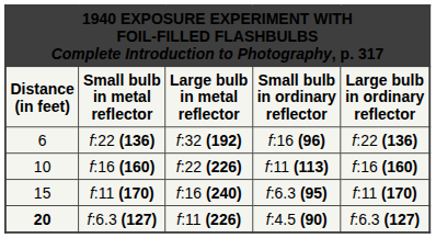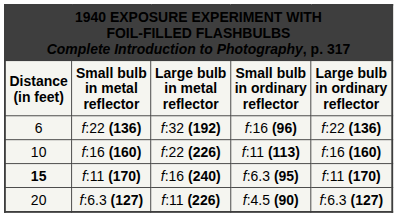 <table border="1" cellpadding="4" cellspacing="0" style="margin: 1em 1em 1em 0; background: #f5f5f0; border: 2px #3E3E3E solid; border-collapse: collapse; font-size: 95%;">
 <tr>
 <th colspan="6" style="background:#3E3E3E; text-align:center"><span>1940 EXPOSURE EXPERIMENT WITH<br>FOIL-FILLED FLASHBULBS<br><em>Complete Introduction to Photography</em>, p. 317</span></th>
 </tr>
 <tr>
 <td style="text-align:center"><strong>Distance<br>(in feet)</strong></td>
 <td style="text-align:center"><strong>Small bulb<br>in metal<br>reflector</strong></td>
 <td style="text-align:center"><strong>Large bulb<br>in metal<br>reflector</strong></td>
 <td style="text-align:center"><strong>Small bulb<br>in ordinary<br>reflector</strong></td>
 <td style="text-align:center"><strong>Large bulb<br>in ordinary<br>reflector</strong></td>
 </tr>
 <tr>
 <td style="text-align:center">6</td>
 <td style="text-align:center"><span><em>f</em></span>:22 <strong>(136)</strong></td>
 <td style="text-align:center"><span><em>f</em></span>:32 <strong>(192)</strong></td>
 <td style="text-align:center"><span><em>f</em></span>:16 <strong>(96)</strong></td>
 <td style="text-align:center"><span><em>f</em></span>:22 <strong>(136)</strong></td>
 </tr>
 <tr>
 <td style="text-align:center">10</td>
 <td style="text-align:center"><span><em>f</em></span>:16 <strong>(160)</strong></td>
 <td style="text-align:center"><span><em>f</em></span>:22 <strong>(226)</strong></td>
 <td style="text-align:center"><span><em>f</em></span>:11 <strong>(113)</strong></td>
 <td style="text-align:center"><span><em>f</em></span>:16 <strong>(160)</strong></td>
 </tr>
 <tr>
-<td style="text-align:center">15</td>
+<td style="text-align:center"><strong>15</strong></td>
 <td style="text-align:center"><span><em>f</em></span>:11 <strong>(170)</strong></td>
 <td style="text-align:center"><span><em>f</em></span>:16 <strong>(240)</strong></td>
 <td style="text-align:center"><span><em>f</em></span>:6.3 <strong>(95)</strong></td>
 <td style="text-align:center"><span><em>f</em></span>:11 <strong>(170)</strong></td>
 </tr>
 <tr>
-<td style="text-align:center"><strong>20</strong></td>
+<td style="text-align:center">20</td>
 <td style="text-align:center"><span><em>f</em></span>:6.3 <strong>(127)</strong></td>
 <td style="text-align:center"><span><em>f</em></span>:11 <strong>(226)</strong></td>
 <td style="text-align:center"><span><em>f</em></span>:4.5 <strong>(90)</strong></td>
 <td style="text-align:center"><span><em>f</em></span>:6.3 <strong>(127)</strong></td>
 </tr>
 </table>
